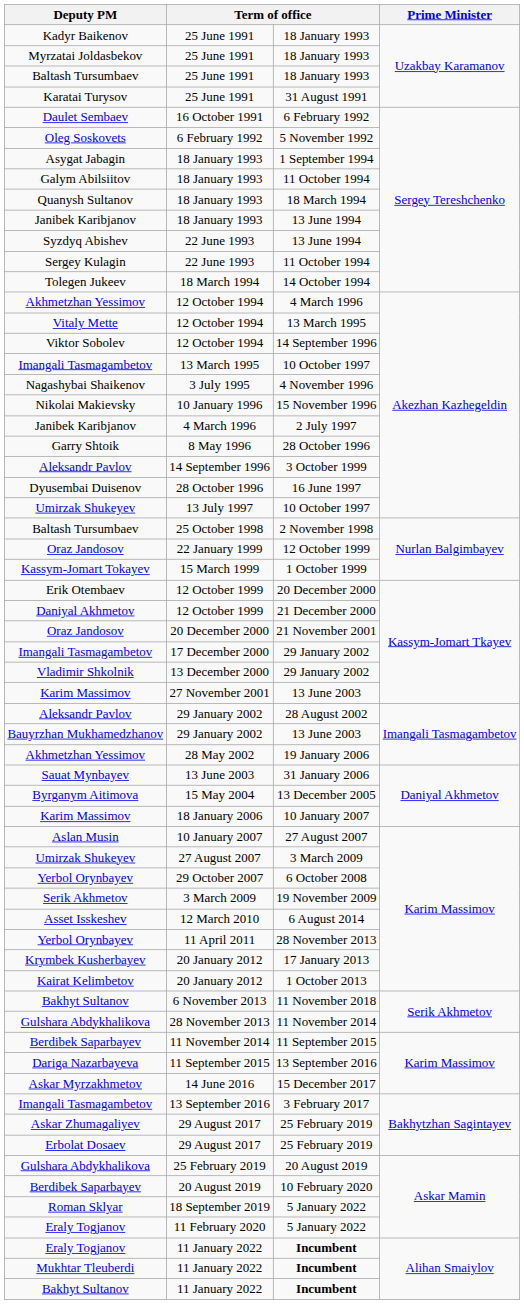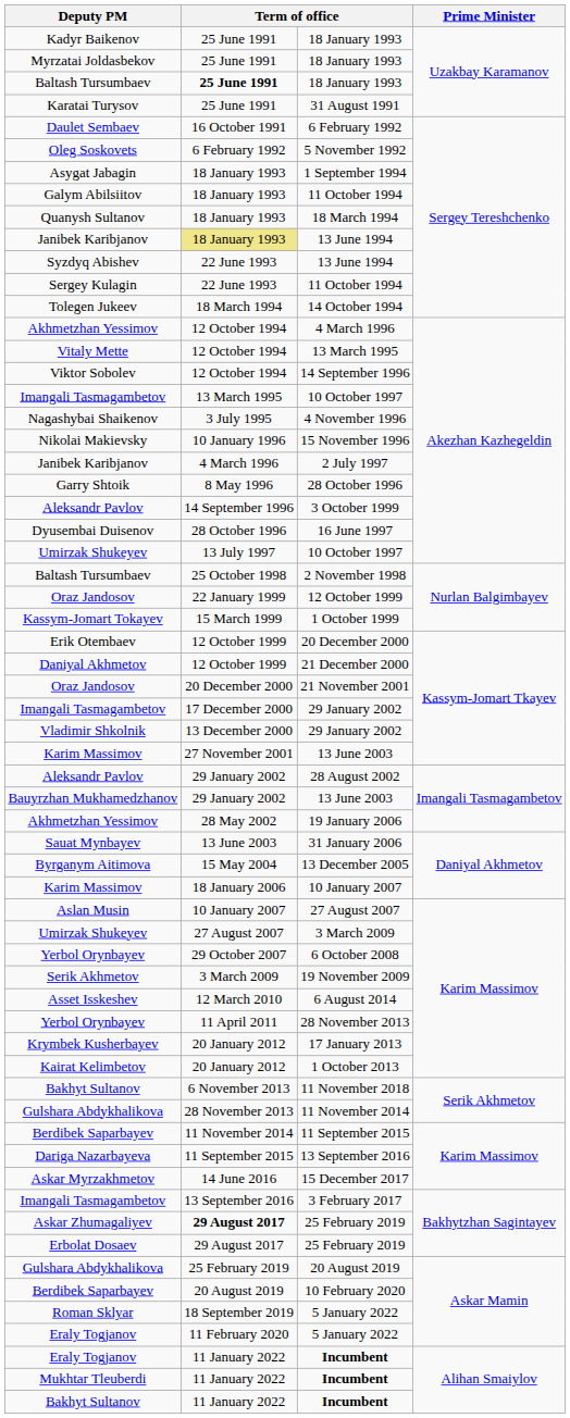 <table class="wikitable" style="text-align:center;">
 <tr>
 <th>Deputy PM</th>
 <th colspan="2">Term of office</th>
 <th><a href='#'>Prime Minister</a></th>
 </tr>
 <tr>
 <td>Kadyr Baikenov</td>
 <td>25 June 1991</td>
 <td>18 January 1993</td>
 <td rowspan="4"><a href='#'>Uzakbay Karamanov</a></td>
 </tr>
 <tr>
 <td>Myrzatai Joldasbekov</td>
 <td>25 June 1991</td>
 <td>18 January 1993</td>
 </tr>
 <tr>
 <td>Baltash Tursumbaev</td>
-<td>25 June 1991</td>
+<td><strong>25 June 1991</strong></td>
 <td>18 January 1993</td>
 </tr>
 <tr>
 <td>Karatai Turysov</td>
 <td>25 June 1991</td>
 <td>31 August 1991</td>
 </tr>
 <tr>
 <td><a href='#'>Daulet Sembaev</a></td>
 <td>16 October 1991</td>
 <td>6 February 1992</td>
 <td rowspan="9"><a href='#'>Sergey Tereshchenko</a></td>
 </tr>
 <tr>
 <td><a href='#'>Oleg Soskovets</a></td>
 <td>6 February 1992</td>
 <td>5 November 1992</td>
 </tr>
 <tr>
 <td>Asygat Jabagin</td>
 <td>18 January 1993</td>
 <td>1 September 1994</td>
 </tr>
 <tr>
 <td>Galym Abilsiitov</td>
 <td>18 January 1993</td>
 <td>11 October 1994</td>
 </tr>
 <tr>
 <td>Quanysh Sultanov</td>
 <td>18 January 1993</td>
 <td>18 March 1994</td>
 </tr>
 <tr>
 <td>Janibek Karibjanov</td>
-<td>18 January 1993</td>
+<td style="background: khaki;">18 January 1993</td>
 <td>13 June 1994</td>
 </tr>
 <tr>
 <td>Syzdyq Abishev</td>
 <td>22 June 1993</td>
 <td>13 June 1994</td>
 </tr>
 <tr>
 <td>Sergey Kulagin</td>
 <td>22 June 1993</td>
 <td>11 October 1994</td>
 </tr>
 <tr>
 <td>Tolegen Jukeev</td>
 <td>18 March 1994</td>
 <td>14 October 1994</td>
 </tr>
 <tr>
 <td><a href='#'>Akhmetzhan Yessimov</a></td>
 <td>12 October 1994</td>
 <td>4 March 1996</td>
 <td rowspan="11"><a href='#'>Akezhan Kazhegeldin</a></td>
 </tr>
 <tr>
 <td><a href='#'>Vitaly Mette</a></td>
 <td>12 October 1994</td>
 <td>13 March 1995</td>
 </tr>
 <tr>
 <td>Viktor Sobolev</td>
 <td>12 October 1994</td>
 <td>14 September 1996</td>
 </tr>
 <tr>
 <td><a href='#'>Imangali Tasmagambetov</a></td>
 <td>13 March 1995</td>
 <td>10 October 1997</td>
 </tr>
 <tr>
 <td>Nagashybai Shaikenov</td>
 <td>3 July 1995</td>
 <td>4 November 1996</td>
 </tr>
 <tr>
 <td>Nikolai Makievsky</td>
 <td>10 January 1996</td>
 <td>15 November 1996</td>
 </tr>
 <tr>
 <td>Janibek Karibjanov</td>
 <td>4 March 1996</td>
 <td>2 July 1997</td>
 </tr>
 <tr>
 <td>Garry Shtoik</td>
 <td>8 May 1996</td>
 <td>28 October 1996</td>
 </tr>
 <tr>
 <td><a href='#'>Aleksandr Pavlov</a></td>
 <td>14 September 1996</td>
 <td>3 October 1999</td>
 </tr>
 <tr>
 <td>Dyusembai Duisenov</td>
 <td>28 October 1996</td>
 <td>16 June 1997</td>
 </tr>
 <tr>
 <td><a href='#'>Umirzak Shukeyev</a></td>
 <td>13 July 1997</td>
 <td>10 October 1997</td>
 </tr>
 <tr>
 <td>Baltash Tursumbaev</td>
 <td>25 October 1998</td>
 <td>2 November 1998</td>
 <td rowspan="3"><a href='#'>Nurlan Balgimbayev</a></td>
 </tr>
 <tr>
 <td><a href='#'>Oraz Jandosov</a></td>
 <td>22 January 1999</td>
 <td>12 October 1999</td>
 </tr>
 <tr>
 <td><a href='#'>Kassym-Jomart Tokayev</a></td>
 <td>15 March 1999</td>
 <td>1 October 1999</td>
 </tr>
 <tr>
 <td>Erik Otembaev</td>
 <td>12 October 1999</td>
 <td>20 December 2000</td>
 <td rowspan="6"><a href='#'>Kassym-Jomart Tkayev</a></td>
 </tr>
 <tr>
 <td><a href='#'>Daniyal Akhmetov</a></td>
 <td>12 October 1999</td>
 <td>21 December 2000</td>
 </tr>
 <tr>
 <td><a href='#'>Oraz Jandosov</a></td>
 <td>20 December 2000</td>
 <td>21 November 2001</td>
 </tr>
 <tr>
 <td><a href='#'>Imangali Tasmagambetov</a></td>
 <td>17 December 2000</td>
 <td>29 January 2002</td>
 </tr>
 <tr>
 <td><a href='#'>Vladimir Shkolnik</a></td>
 <td>13 December 2000</td>
 <td>29 January 2002</td>
 </tr>
 <tr>
 <td><a href='#'>Karim Massimov</a></td>
 <td>27 November 2001</td>
 <td>13 June 2003</td>
 </tr>
 <tr>
 <td><a href='#'>Aleksandr Pavlov</a></td>
 <td>29 January 2002</td>
 <td>28 August 2002</td>
 <td rowspan="3"><a href='#'>Imangali Tasmagambetov</a></td>
 </tr>
 <tr>
 <td><a href='#'>Bauyrzhan Mukhamedzhanov</a></td>
 <td>29 January 2002</td>
 <td>13 June 2003</td>
 </tr>
 <tr>
 <td><a href='#'>Akhmetzhan Yessimov</a></td>
 <td>28 May 2002</td>
 <td>19 January 2006</td>
 </tr>
 <tr>
 <td><a href='#'>Sauat Mynbayev</a></td>
 <td>13 June 2003</td>
 <td>31 January 2006</td>
 <td rowspan="3"><a href='#'>Daniyal Akhmetov</a></td>
 </tr>
 <tr>
 <td><a href='#'>Byrganym Aitimova</a></td>
 <td>15 May 2004</td>
 <td>13 December 2005</td>
 </tr>
 <tr>
 <td><a href='#'>Karim Massimov</a></td>
 <td>18 January 2006</td>
 <td>10 January 2007</td>
 </tr>
 <tr>
 <td><a href='#'>Aslan Musin</a></td>
 <td>10 January 2007</td>
 <td>27 August 2007</td>
 <td rowspan="8"><a href='#'>Karim Massimov</a></td>
 </tr>
 <tr>
 <td><a href='#'>Umirzak Shukeyev</a></td>
 <td>27 August 2007</td>
 <td>3 March 2009</td>
 </tr>
 <tr>
 <td><a href='#'>Yerbol Orynbayev</a></td>
 <td>29 October 2007</td>
 <td>6 October 2008</td>
 </tr>
 <tr>
 <td><a href='#'>Serik Akhmetov</a></td>
 <td>3 March 2009</td>
 <td>19 November 2009</td>
 </tr>
 <tr>
 <td><a href='#'>Asset Isskeshev</a></td>
 <td>12 March 2010</td>
 <td>6 August 2014</td>
 </tr>
 <tr>
 <td><a href='#'>Yerbol Orynbayev</a></td>
 <td>11 April 2011</td>
 <td>28 November 2013</td>
 </tr>
 <tr>
 <td><a href='#'>Krymbek Kusherbayev</a></td>
 <td>20 January 2012</td>
 <td>17 January 2013</td>
 </tr>
 <tr>
 <td><a href='#'>Kairat Kelimbetov</a></td>
 <td>20 January 2012</td>
 <td>1 October 2013</td>
 </tr>
 <tr>
 <td><a href='#'>Bakhyt Sultanov</a></td>
 <td>6 November 2013</td>
 <td>11 November 2018</td>
 <td rowspan="2"><a href='#'>Serik Akhmetov</a></td>
 </tr>
 <tr>
 <td><a href='#'>Gulshara Abdykhalikova</a></td>
 <td>28 November 2013</td>
 <td>11 November 2014</td>
 </tr>
 <tr>
 <td><a href='#'>Berdibek Saparbayev</a></td>
 <td>11 November 2014</td>
 <td>11 September 2015</td>
 <td rowspan="3"><a href='#'>Karim Massimov</a></td>
 </tr>
 <tr>
 <td><a href='#'>Dariga Nazarbayeva</a></td>
 <td>11 September 2015</td>
 <td>13 September 2016</td>
 </tr>
 <tr>
 <td><a href='#'>Askar Myrzakhmetov</a></td>
 <td>14 June 2016</td>
 <td>15 December 2017</td>
 </tr>
 <tr>
 <td><a href='#'>Imangali Tasmagambetov</a></td>
 <td>13 September 2016</td>
 <td>3 February 2017</td>
 <td rowspan="3"><a href='#'>Bakhytzhan Sagintayev</a></td>
 </tr>
 <tr>
 <td><a href='#'>Askar Zhumagaliyev</a></td>
-<td>29 August 2017</td>
+<td><strong>29 August 2017</strong></td>
 <td>25 February 2019</td>
 </tr>
 <tr>
 <td><a href='#'>Erbolat Dosaev</a></td>
 <td>29 August 2017</td>
 <td>25 February 2019</td>
 </tr>
 <tr>
 <td><a href='#'>Gulshara Abdykhalikova</a></td>
 <td>25 February 2019</td>
 <td>20 August 2019</td>
 <td rowspan="4"><a href='#'>Askar Mamin</a></td>
 </tr>
 <tr>
 <td><a href='#'>Berdibek Saparbayev</a></td>
 <td>20 August 2019</td>
 <td>10 February 2020</td>
 </tr>
 <tr>
 <td><a href='#'>Roman Sklyar</a></td>
 <td>18 September 2019</td>
 <td>5 January 2022</td>
 </tr>
 <tr>
 <td><a href='#'>Eraly Togjanov</a></td>
 <td>11 February 2020</td>
 <td>5 January 2022</td>
 </tr>
 <tr>
 <td><a href='#'>Eraly Togjanov</a></td>
 <td>11 January 2022</td>
 <td><strong>Incumbent</strong></td>
 <td rowspan="3"><a href='#'>Alihan Smaiylov</a></td>
 </tr>
 <tr>
 <td><a href='#'>Mukhtar Tleuberdi</a></td>
 <td>11 January 2022</td>
 <td><strong>Incumbent</strong></td>
 </tr>
 <tr>
 <td><a href='#'>Bakhyt Sultanov</a></td>
 <td>11 January 2022</td>
 <td><strong>Incumbent</strong></td>
 </tr>
 </table>
